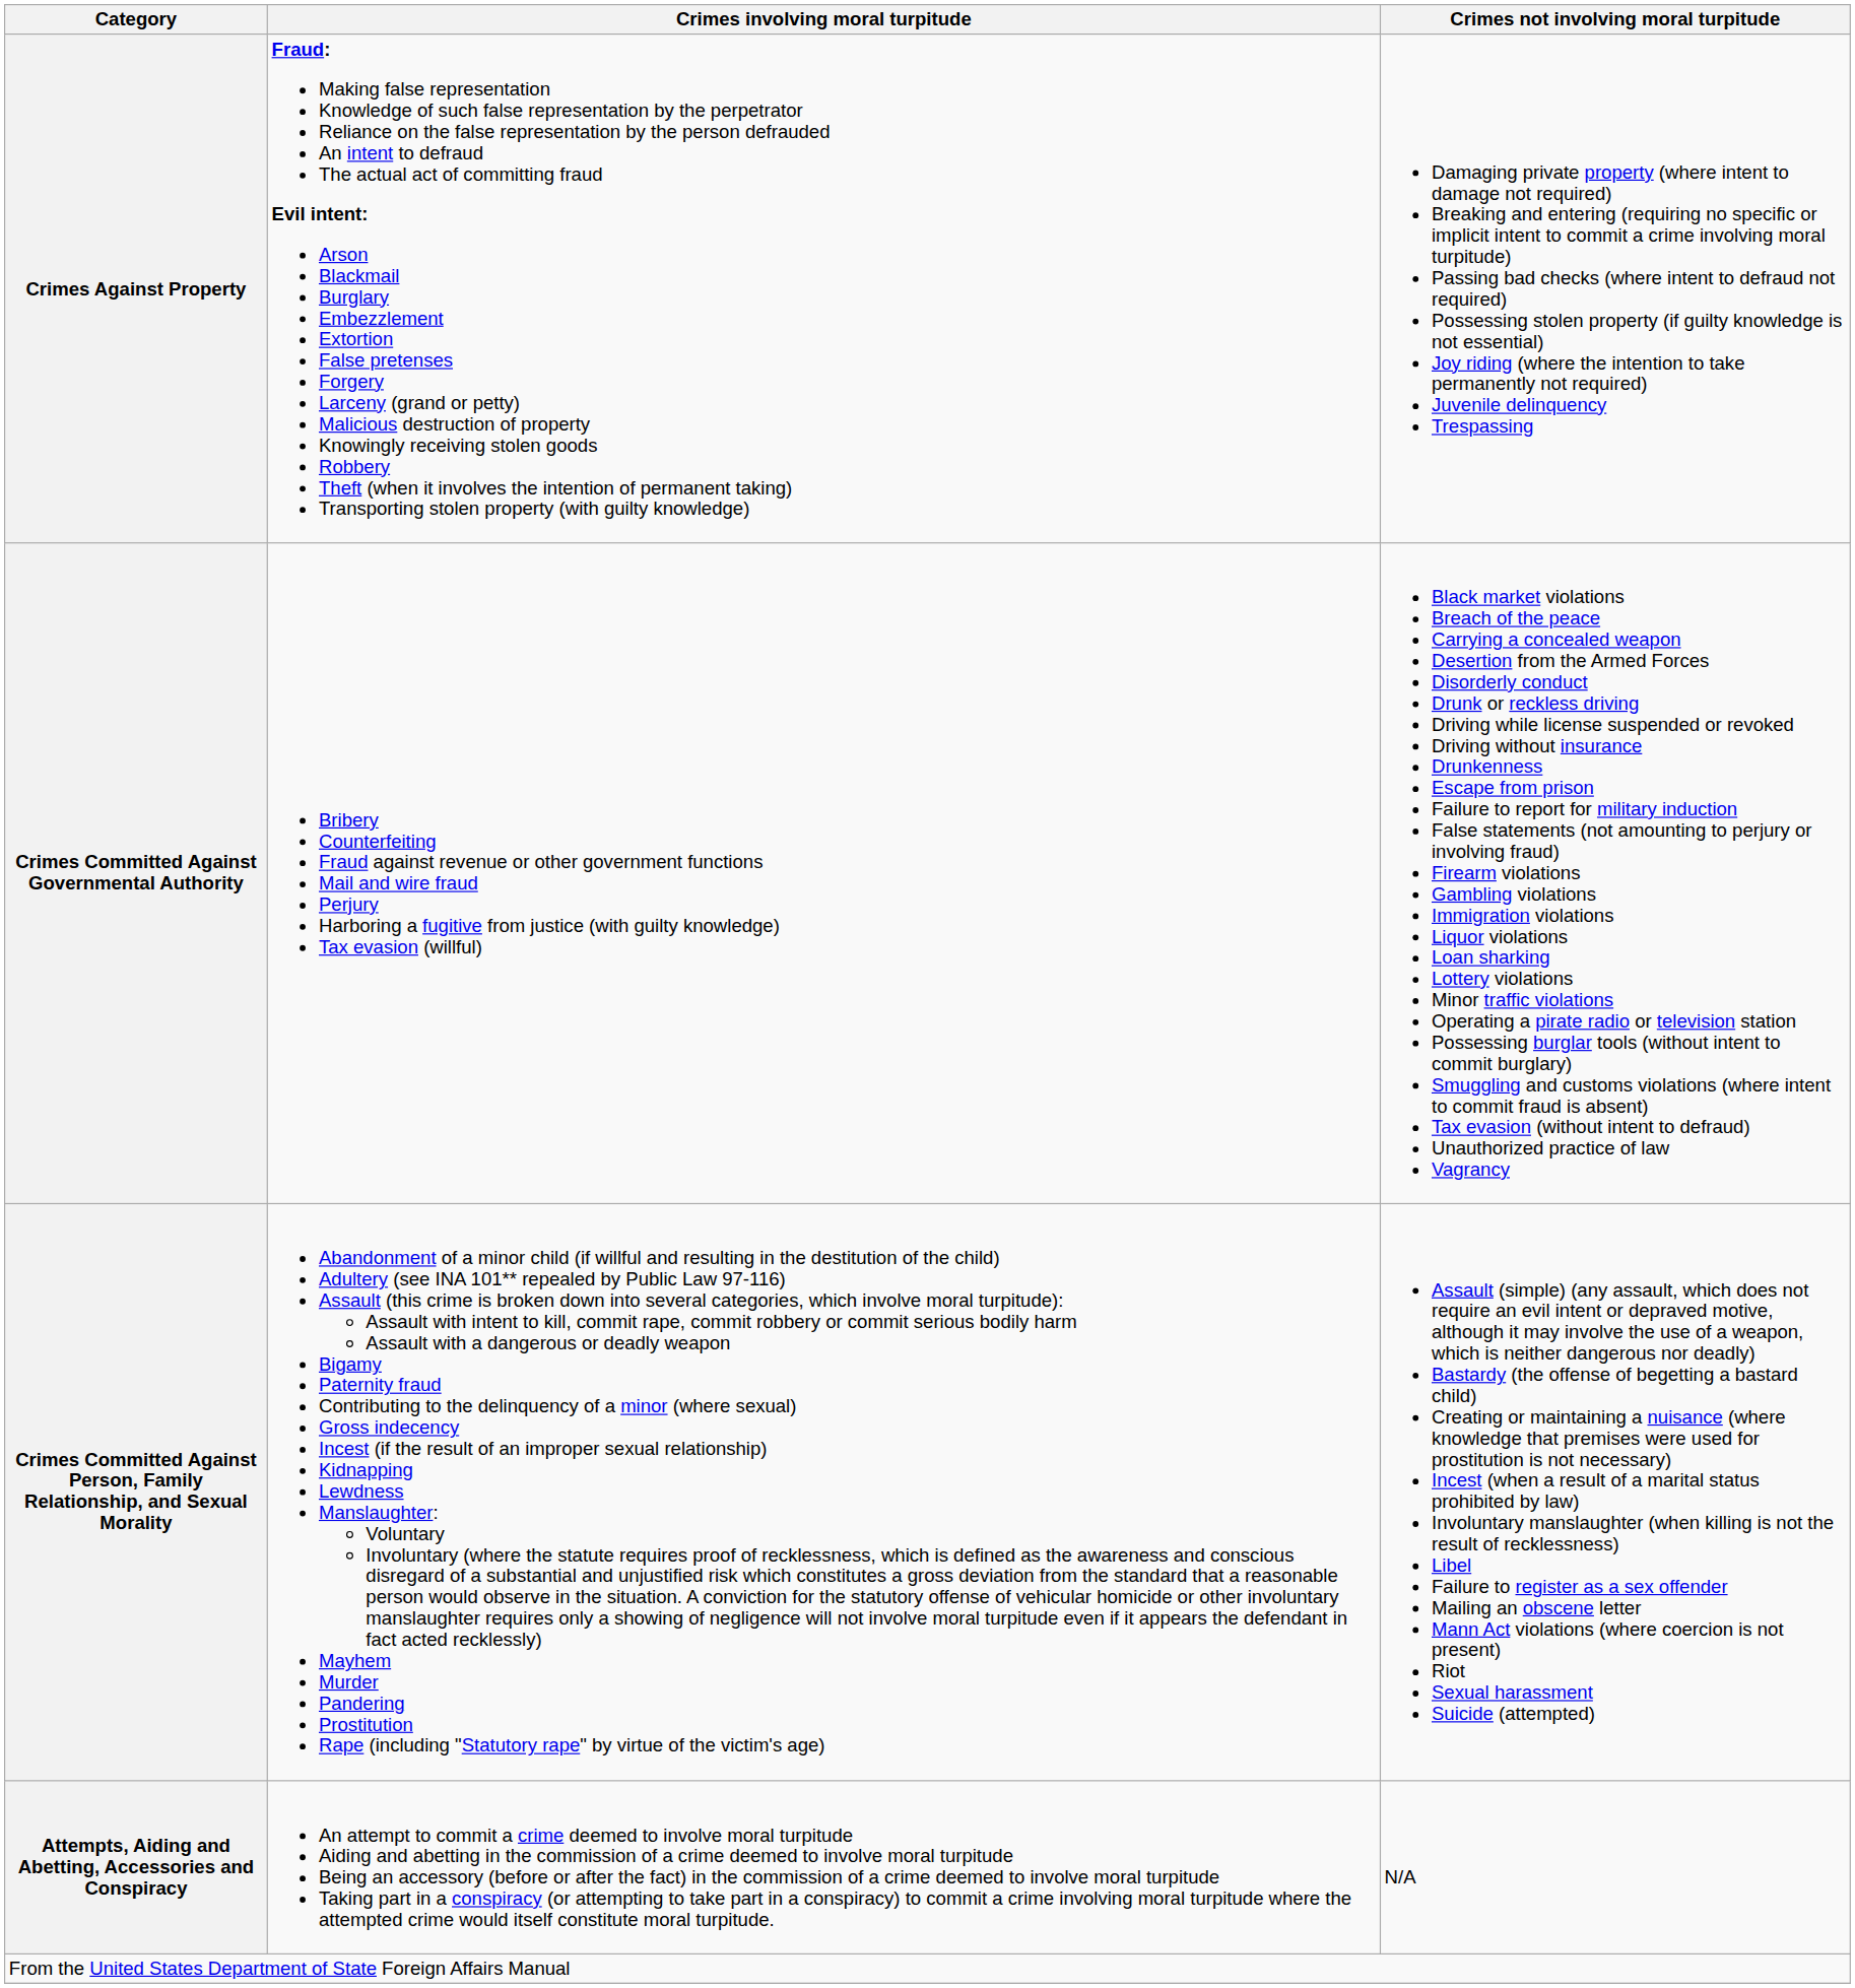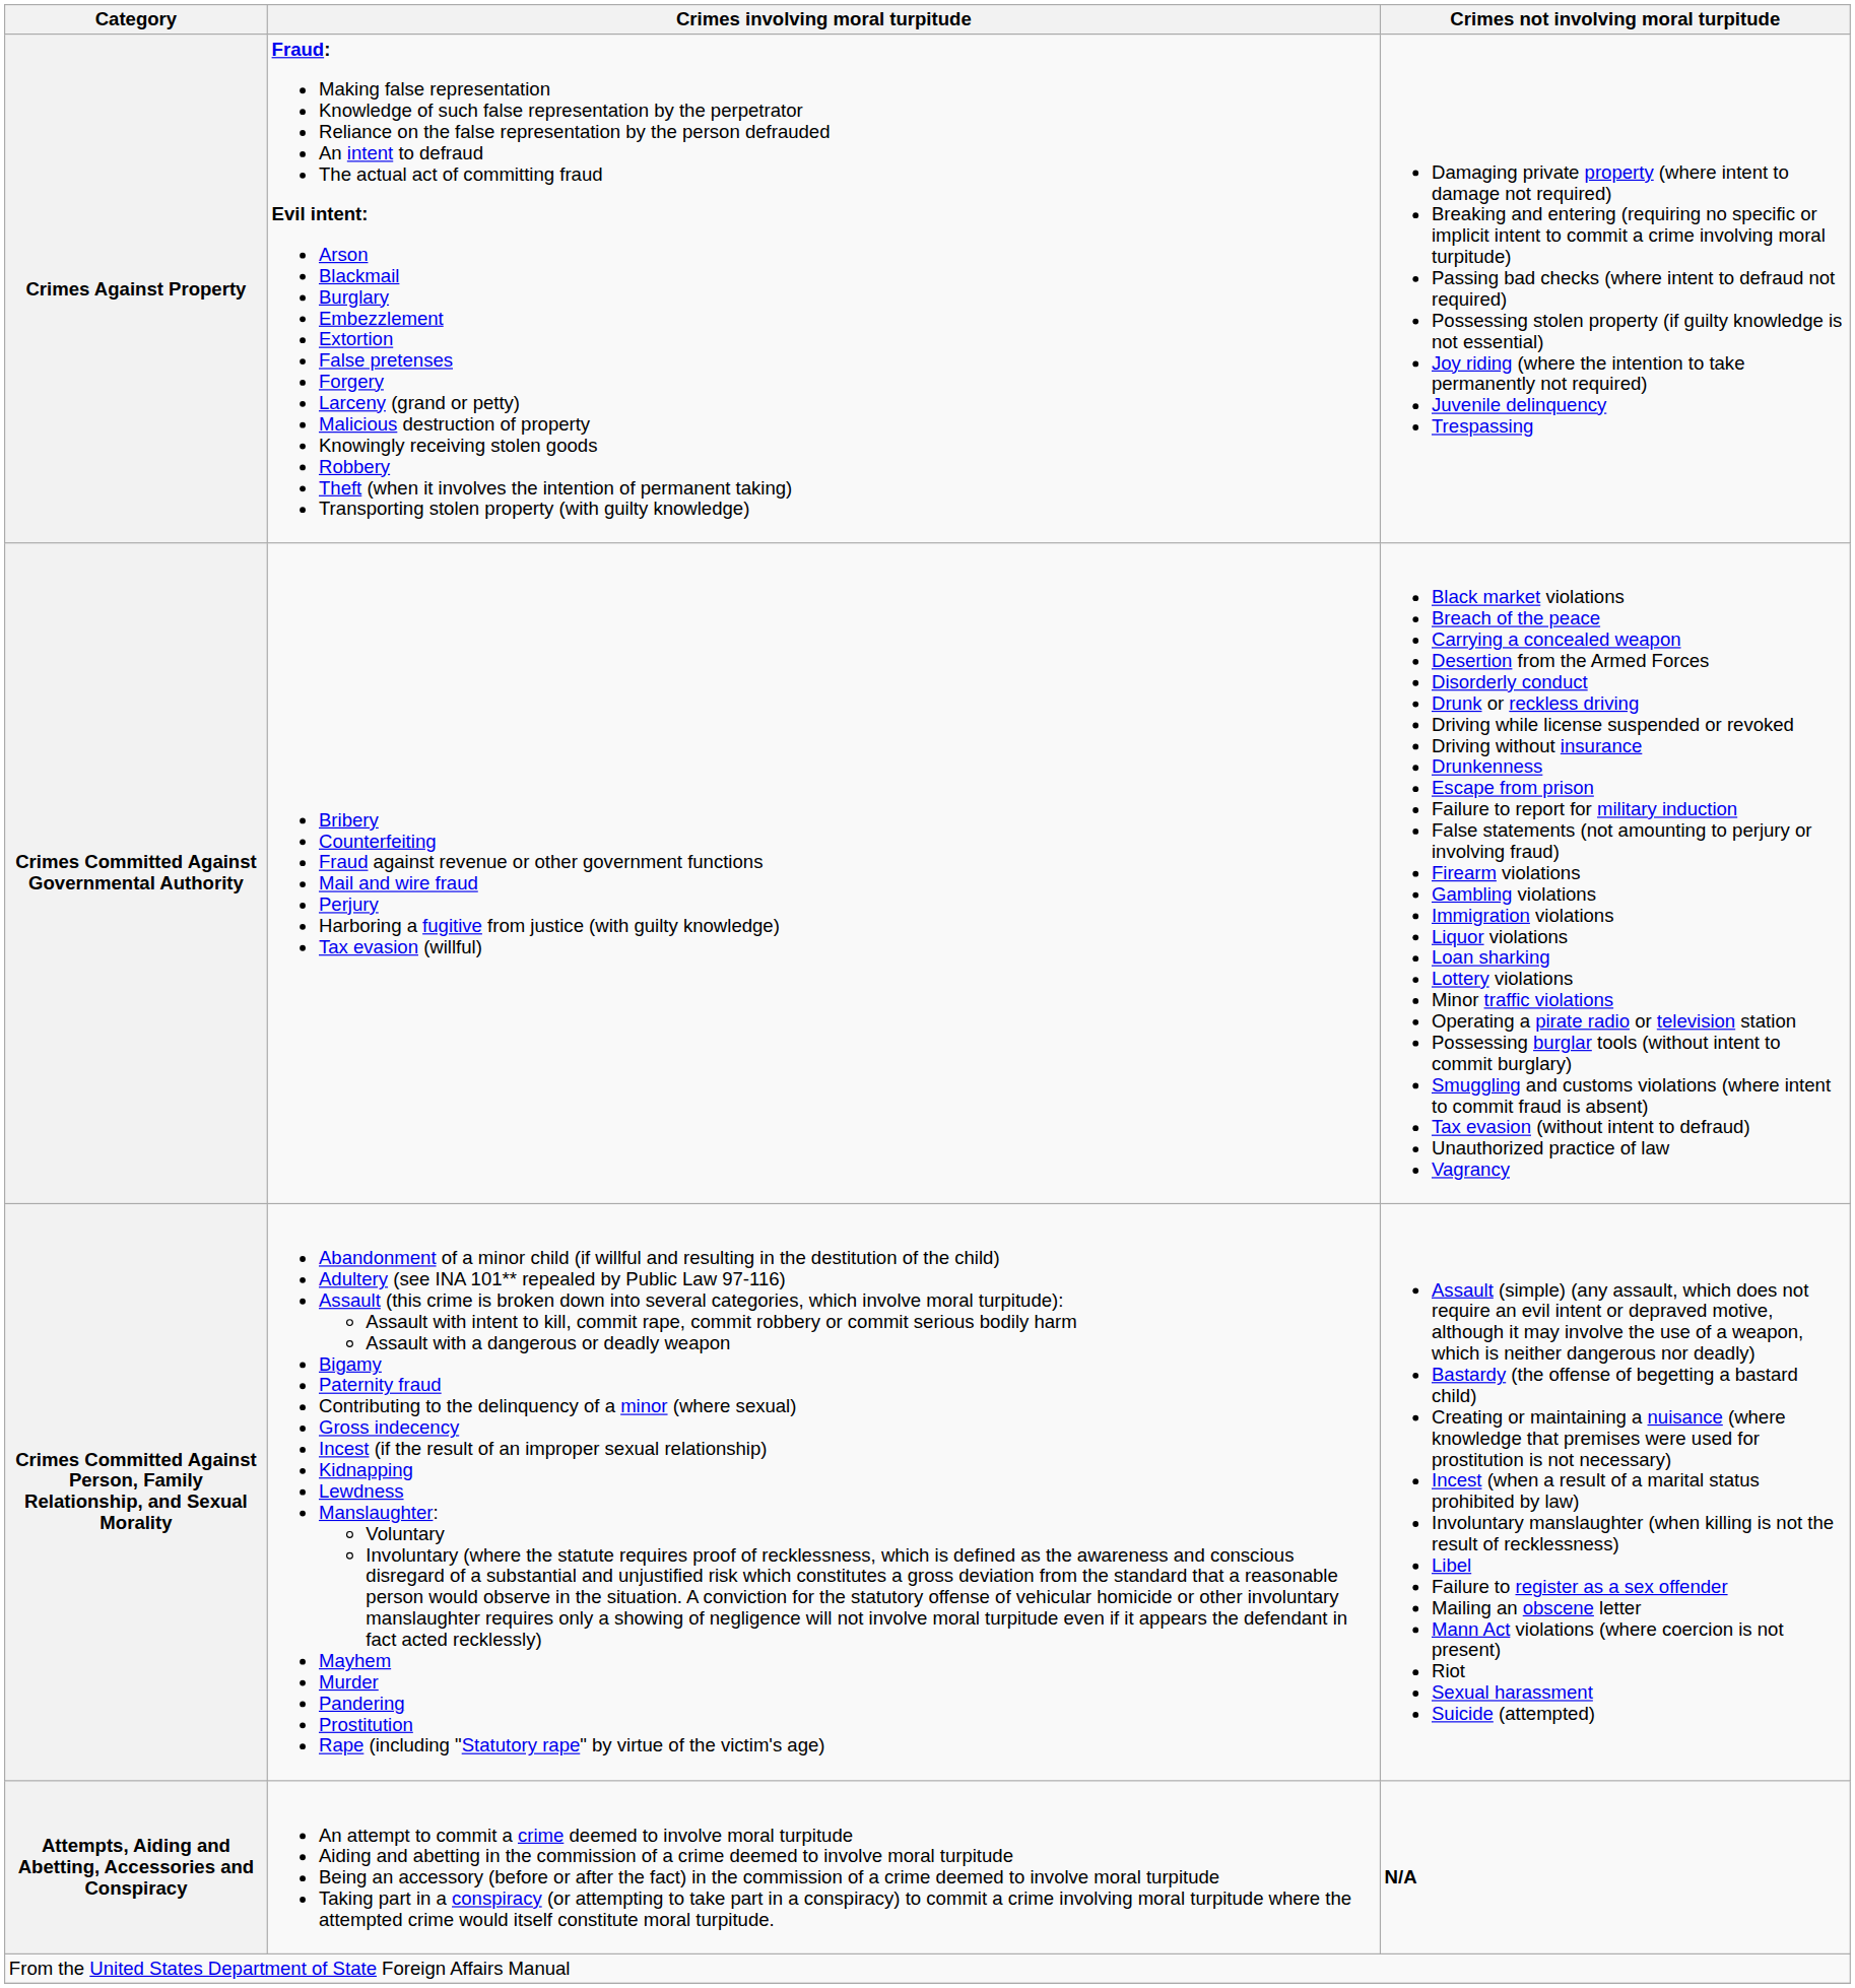 <table class="wikitable">
 <tr>
 <th>Category</th>
 <th>Crimes involving moral turpitude</th>
 <th>Crimes not involving moral turpitude</th>
 </tr>
 <tr>
 <th>Crimes Against Property</th>
 <td><strong><a href='#'>Fraud</a>:</strong><br><ul><li>Making false representation</li><li>Knowledge of such false representation by the perpetrator</li><li>Reliance on the false representation by the person defrauded</li><li>An <a href='#'>intent</a> to defraud</li><li>The actual act of committing fraud</li></ul><strong>Evil intent:</strong><ul><li><a href='#'>Arson</a></li><li><a href='#'>Blackmail</a></li><li><a href='#'>Burglary</a></li><li><a href='#'>Embezzlement</a></li><li><a href='#'>Extortion</a></li><li><a href='#'>False pretenses</a></li><li><a href='#'>Forgery</a></li><li><a href='#'>Larceny</a> (grand or petty)</li><li><a href='#'>Malicious</a> destruction of property</li><li>Knowingly receiving stolen goods</li><li><a href='#'>Robbery</a></li><li><a href='#'>Theft</a> (when it involves the intention of permanent taking)</li><li>Transporting stolen property (with guilty knowledge)</li></ul></td>
 <td><br><ul><li>Damaging private <a href='#'>property</a> (where intent to damage not required)</li><li>Breaking and entering (requiring no specific or implicit intent to commit a crime involving moral turpitude)</li><li>Passing bad checks (where intent to defraud not required)</li><li>Possessing stolen property (if guilty knowledge is not essential)</li><li><a href='#'>Joy riding</a> (where the intention to take permanently not required)</li><li><a href='#'>Juvenile delinquency</a></li><li><a href='#'>Trespassing</a></li></ul></td>
 </tr>
 <tr>
 <th>Crimes Committed Against Governmental Authority</th>
 <td><br><ul><li><a href='#'>Bribery</a></li><li><a href='#'>Counterfeiting</a></li><li><a href='#'>Fraud</a> against revenue or other government functions</li><li><a href='#'>Mail and wire fraud</a></li><li><a href='#'>Perjury</a></li><li>Harboring a <a href='#'>fugitive</a> from justice (with guilty knowledge)</li><li><a href='#'>Tax evasion</a> (willful)</li></ul></td>
 <td><br><ul><li><a href='#'>Black market</a> violations</li><li><a href='#'>Breach of the peace</a></li><li><a href='#'>Carrying a concealed weapon</a></li><li><a href='#'>Desertion</a> from the Armed Forces</li><li><a href='#'>Disorderly conduct</a></li><li><a href='#'>Drunk</a> or <a href='#'>reckless driving</a></li><li>Driving while license suspended or revoked</li><li>Driving without <a href='#'>insurance</a></li><li><a href='#'>Drunkenness</a></li><li><a href='#'>Escape from prison</a></li><li>Failure to report for <a href='#'>military induction</a></li><li>False statements (not amounting to perjury or involving fraud)</li><li><a href='#'>Firearm</a> violations</li><li><a href='#'>Gambling</a> violations</li><li><a href='#'>Immigration</a> violations</li><li><a href='#'>Liquor</a> violations</li><li><a href='#'>Loan sharking</a></li><li><a href='#'>Lottery</a> violations</li><li>Minor <a href='#'>traffic violations</a></li><li>Operating a <a href='#'>pirate radio</a> or <a href='#'>television</a> station</li><li>Possessing <a href='#'>burglar</a> tools (without intent to commit burglary)</li><li><a href='#'>Smuggling</a> and customs violations (where intent to commit fraud is absent)</li><li><a href='#'>Tax evasion</a> (without intent to defraud)</li><li>Unauthorized practice of law</li><li><a href='#'>Vagrancy</a></li></ul></td>
 </tr>
 <tr>
 <th>Crimes Committed Against Person, Family Relationship, and Sexual Morality</th>
 <td><br><ul><li><a href='#'>Abandonment</a> of a minor child (if willful and resulting in the destitution of the child)</li><li><a href='#'>Adultery</a> (see INA 101** repealed by Public Law 97-116)</li><li><a href='#'>Assault</a> (this crime is broken down into several categories, which involve moral turpitude):<ul><li>Assault with intent to kill, commit rape, commit robbery or commit serious bodily harm</li><li>Assault with a dangerous or deadly weapon</li></ul></li><li><a href='#'>Bigamy</a></li><li><a href='#'>Paternity fraud</a></li><li>Contributing to the delinquency of a <a href='#'>minor</a> (where sexual)</li><li><a href='#'>Gross indecency</a></li><li><a href='#'>Incest</a> (if the result of an improper sexual relationship)</li><li><a href='#'>Kidnapping</a></li><li><a href='#'>Lewdness</a></li><li><a href='#'>Manslaughter</a>:<ul><li>Voluntary</li><li>Involuntary (where the statute requires proof of recklessness, which is defined as the awareness and conscious disregard of a substantial and unjustified risk which constitutes a gross deviation from the standard that a reasonable person would observe in the situation. A conviction for the statutory offense of vehicular homicide or other involuntary manslaughter requires only a showing of negligence will not involve moral turpitude even if it appears the defendant in fact acted recklessly)</li></ul></li><li><a href='#'>Mayhem</a></li><li><a href='#'>Murder</a></li><li><a href='#'>Pandering</a></li><li><a href='#'>Prostitution</a></li><li><a href='#'>Rape</a> (including "<a href='#'>Statutory rape</a>" by virtue of the victim's age)</li></ul></td>
 <td><br><ul><li><a href='#'>Assault</a> (simple) (any assault, which does not require an evil intent or depraved motive, although it may involve the use of a weapon, which is neither dangerous nor deadly)</li><li><a href='#'>Bastardy</a> (the offense of begetting a bastard child)</li><li>Creating or maintaining a <a href='#'>nuisance</a> (where knowledge that premises were used for prostitution is not necessary)</li><li><a href='#'>Incest</a> (when a result of a marital status prohibited by law)</li><li>Involuntary manslaughter (when killing is not the result of recklessness)</li><li><a href='#'>Libel</a></li><li>Failure to <a href='#'>register as a sex offender</a></li><li>Mailing an <a href='#'>obscene</a> letter</li><li><a href='#'>Mann Act</a> violations (where coercion is not present)</li><li>Riot</li><li><a href='#'>Sexual harassment</a></li><li><a href='#'>Suicide</a> (attempted)</li></ul></td>
 </tr>
 <tr>
 <th>Attempts, Aiding and Abetting, Accessories and Conspiracy</th>
 <td><br><ul><li>An attempt to commit a <a href='#'>crime</a> deemed to involve moral turpitude</li><li>Aiding and abetting in the commission of a crime deemed to involve moral turpitude</li><li>Being an accessory (before or after the fact) in the commission of a crime deemed to involve moral turpitude</li><li>Taking part in a <a href='#'>conspiracy</a> (or attempting to take part in a conspiracy) to commit a crime involving moral turpitude where the attempted crime would itself constitute moral turpitude.</li></ul></td>
-<td><br>N/A</td>
+<td><strong><br>N/A</strong></td>
 </tr>
 <tr>
 <td colspan="3" align="left">From the <a href='#'>United States Department of State</a> Foreign Affairs Manual</td>
 </tr>
 <tr>
 </tr>
 </table>
